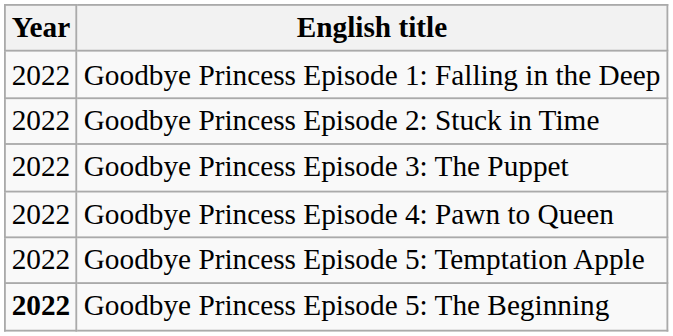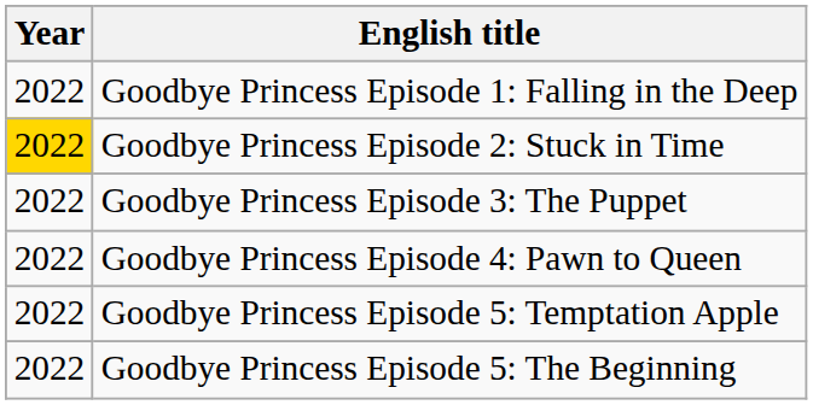 <table class="wikitable sortable">
 <tr>
 <th>Year</th>
 <th>English title</th>
 </tr>
 <tr>
 <td>2022</td>
 <td>Goodbye Princess Episode 1: Falling in the Deep</td>
 </tr>
 <tr>
-<td>2022</td>
+<td style="background: gold;">2022</td>
 <td>Goodbye Princess Episode 2: Stuck in Time</td>
 </tr>
 <tr>
 <td>2022</td>
 <td>Goodbye Princess Episode 3: The Puppet</td>
 </tr>
 <tr>
 <td>2022</td>
 <td>Goodbye Princess Episode 4: Pawn to Queen</td>
 </tr>
 <tr>
 <td>2022</td>
 <td>Goodbye Princess Episode 5: Temptation Apple</td>
 </tr>
 <tr>
-<td><strong>2022</strong></td>
+<td>2022</td>
 <td>Goodbye Princess Episode 5: The Beginning</td>
 </tr>
 </table>
